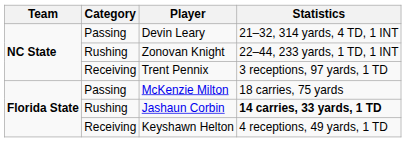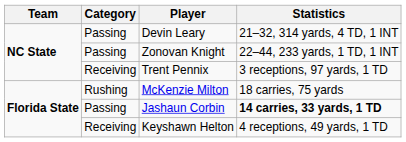 <table class="wikitable" style="float: left;">
 <tr>
 <th>Team</th>
 <th>Category</th>
 <th>Player</th>
 <th>Statistics</th>
 </tr>
 <tr>
 <td rowspan=3><strong>NC State</strong></td>
 <td>Passing</td>
 <td>Devin Leary</td>
 <td>21–32, 314 yards, 4 TD, 1 INT</td>
 </tr>
 <tr>
-<td>Rushing</td>
+<td>Passing</td>
 <td>Zonovan Knight</td>
 <td>22–44, 233 yards, 1 TD, 1 INT</td>
 </tr>
 <tr>
 <td>Receiving</td>
 <td>Trent Pennix</td>
 <td>3 receptions, 97 yards, 1 TD</td>
 </tr>
 <tr>
 <td rowspan=3><strong>Florida State</strong></td>
-<td>Passing</td>
+<td>Rushing</td>
 <td><a href='#'>McKenzie Milton</a></td>
 <td>18 carries, 75 yards</td>
 </tr>
 <tr>
-<td>Rushing</td>
+<td>Passing</td>
 <td><a href='#'>Jashaun Corbin</a></td>
 <td><strong>14 carries, 33 yards, 1 TD</strong></td>
 </tr>
 <tr>
 <td>Receiving</td>
 <td>Keyshawn Helton</td>
 <td>4 receptions, 49 yards, 1 TD</td>
 </tr>
 </table>
